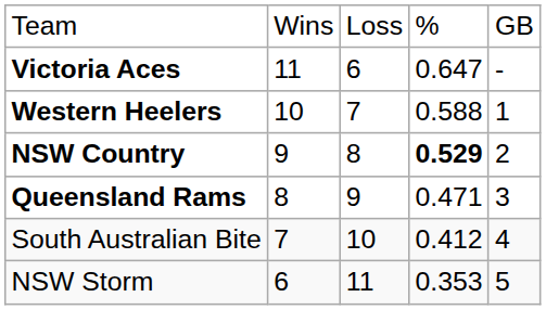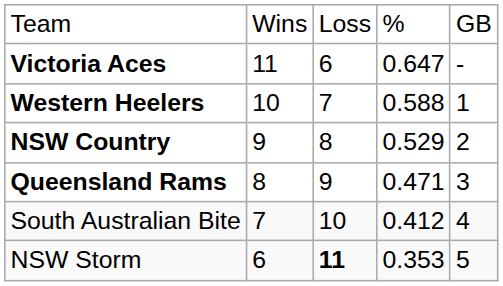 <table class="wikitable">
 <tr bgcolor="#FFFFFF">
 <td>Team</td>
 <td>Wins</td>
 <td>Loss</td>
 <td>%</td>
 <td>GB</td>
 </tr>
 <tr bgcolor="#FFFFFF">
 <td><strong>Victoria Aces</strong></td>
 <td>11</td>
 <td>6</td>
 <td>0.647</td>
 <td>-</td>
 </tr>
 <tr bgcolor="#FFFFFF">
 <td><strong>Western Heelers</strong></td>
 <td>10</td>
 <td>7</td>
 <td>0.588</td>
 <td>1</td>
 </tr>
 <tr bgcolor="#FFFFFF">
 <td><strong>NSW Country</strong></td>
 <td>9</td>
 <td>8</td>
-<td><strong>0.529</strong></td>
+<td>0.529</td>
 <td>2</td>
 </tr>
 <tr bgcolor="#FFFFFF">
 <td><strong>Queensland Rams</strong></td>
 <td>8</td>
 <td>9</td>
 <td>0.471</td>
 <td>3</td>
 </tr>
 <tr bgcolor=>
 <td>South Australian Bite</td>
 <td>7</td>
 <td>10</td>
 <td>0.412</td>
 <td>4</td>
 </tr>
 <tr bgcolor=>
 <td>NSW Storm</td>
 <td>6</td>
-<td>11</td>
+<td><strong>11</strong></td>
 <td>0.353</td>
 <td>5</td>
 </tr>
 </table>
